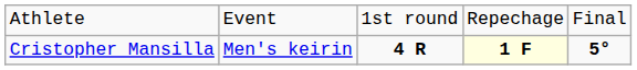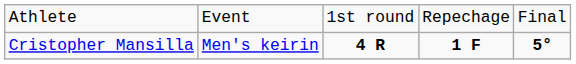 <table class="wikitable" border="1" style="font-size:90%">
 <tr>
 <td>Athlete</td>
 <td>Event</td>
 <td>1st round</td>
 <td>Repechage</td>
 <td>Final</td>
 </tr>
 <tr>
 <td><a href='#'>Cristopher Mansilla</a></td>
 <td><a href='#'>Men's keirin</a></td>
 <td align=center><strong>4 R</strong></td>
-<td align=center style="background: lightyellow;"><strong>1 F</strong></td>
+<td align=center><strong>1 F</strong></td>
 <td align=center><strong>5°</strong></td>
 </tr>
 </table>
